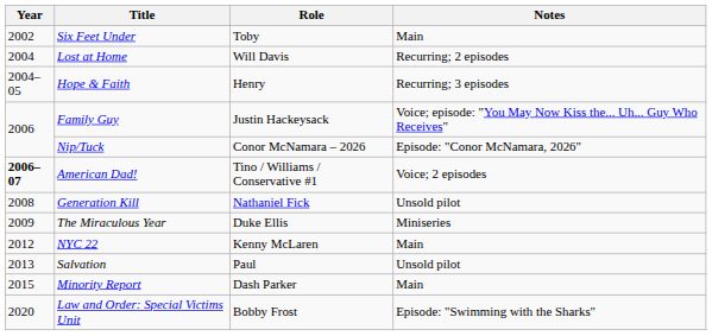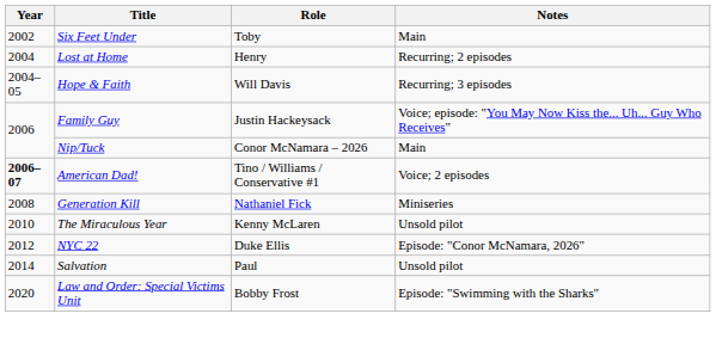 <table class="wikitable sortable">
 <tr>
 <th>Year</th>
 <th>Title</th>
 <th>Role</th>
 <th class="unsortable">Notes</th>
 </tr>
 <tr>
 <td>2002</td>
 <td><em><a href='#'>Six Feet Under</a></em></td>
 <td>Toby</td>
 <td>Main</td>
 </tr>
 <tr>
 <td>2004</td>
 <td><em><a href='#'>Lost at Home</a></em></td>
-<td>Will Davis</td>
+<td>Henry</td>
 <td>Recurring; 2 episodes</td>
 </tr>
 <tr>
 <td>2004–05</td>
 <td><em><a href='#'>Hope & Faith</a></em></td>
-<td>Henry</td>
+<td>Will Davis</td>
 <td>Recurring; 3 episodes</td>
 </tr>
 <tr>
 <td rowspan="2">2006</td>
 <td><em><a href='#'>Family Guy</a></em></td>
 <td>Justin Hackeysack</td>
 <td>Voice; episode: "<a href='#'>You May Now Kiss the... Uh... Guy Who Receives</a>"</td>
 </tr>
 <tr>
 <td><em><a href='#'>Nip/Tuck</a></em></td>
 <td>Conor McNamara – 2026</td>
-<td>Episode: "Conor McNamara, 2026"</td>
+<td>Main</td>
 </tr>
 <tr>
 <td><strong>2006–07</strong></td>
 <td><em><a href='#'>American Dad!</a></em></td>
 <td>Tino / Williams / Conservative #1</td>
 <td>Voice; 2 episodes</td>
 </tr>
 <tr>
 <td>2008</td>
 <td><em><a href='#'>Generation Kill</a></em></td>
 <td><a href='#'>Nathaniel Fick</a></td>
-<td>Unsold pilot</td>
+<td>Miniseries</td>
 </tr>
 <tr>
-<td>2009</td>
+<td>2010</td>
 <td><em>The Miraculous Year</em></td>
-<td>Duke Ellis</td>
-<td>Miniseries</td>
+<td>Kenny McLaren</td>
+<td>Unsold pilot</td>
 </tr>
 <tr>
 <td>2012</td>
 <td><em><a href='#'>NYC 22</a></em></td>
-<td>Kenny McLaren</td>
-<td>Main</td>
+<td>Duke Ellis</td>
+<td>Episode: "Conor McNamara, 2026"</td>
 </tr>
 <tr>
-<td>2013</td>
+<td>2014</td>
 <td><em>Salvation</em></td>
 <td>Paul</td>
 <td>Unsold pilot</td>
-</tr>
-<tr>
-<td>2015</td>
-<td><em><a href='#'>Minority Report</a></em></td>
-<td>Dash Parker</td>
-<td>Main</td>
 </tr>
 <tr>
 <td>2020</td>
 <td><em><a href='#'>Law and Order: Special Victims Unit</a></em></td>
 <td>Bobby Frost</td>
 <td>Episode: "Swimming with the Sharks"</td>
 </tr>
 </table>
